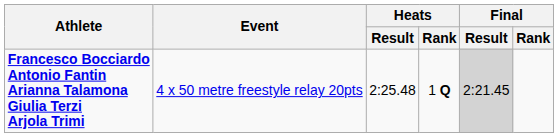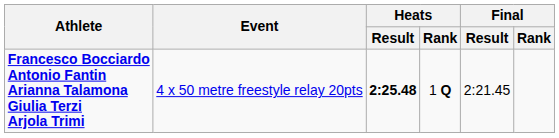 <table class=wikitable style="font-size:90%">
 <tr>
 <th rowspan="2">Athlete</th>
 <th rowspan="2">Event</th>
 <th colspan="2">Heats</th>
 <th colspan="2">Final</th>
 </tr>
 <tr>
 <th>Result</th>
 <th>Rank</th>
 <th>Result</th>
 <th>Rank</th>
 </tr>
 <tr align=center>
 <td align=left><strong><a href='#'>Francesco Bocciardo</a><br><a href='#'>Antonio Fantin</a><br><a href='#'>Arianna Talamona</a><br><a href='#'>Giulia Terzi</a><br><a href='#'>Arjola Trimi</a></strong></td>
 <td><a href='#'>4 x 50 metre freestyle relay 20pts</a></td>
-<td>2:25.48</td>
+<td><strong>2:25.48</strong></td>
 <td>1 <strong>Q</strong></td>
-<td style="background: lightgrey;">2:21.45</td>
+<td>2:21.45</td>
 <td></td>
 </tr>
 </table>
